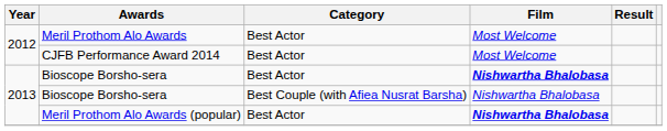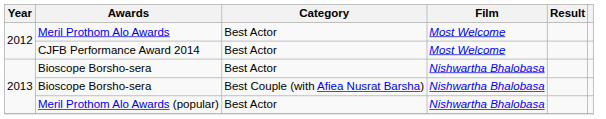 <table class="wikitable sortable">
 <tr>
 <th>Year</th>
 <th>Awards</th>
 <th>Category</th>
 <th>Film</th>
 <th>Result</th>
 <th class="unsortable"></th>
 </tr>
 <tr>
 <td rowspan="2">2012</td>
 <td><a href='#'>Meril Prothom Alo Awards</a></td>
 <td>Best Actor</td>
 <td><em><a href='#'>Most Welcome</a></em></td>
 <td></td>
 <td></td>
 </tr>
 <tr>
 <td>CJFB Performance Award 2014</td>
 <td>Best Actor</td>
 <td><em><a href='#'>Most Welcome</a></em></td>
 <td></td>
 <td></td>
 </tr>
 <tr>
 <td rowspan="3">2013</td>
 <td>Bioscope Borsho-sera</td>
 <td>Best Actor</td>
-<td><strong><em><a href='#'>Nishwartha Bhalobasa</a></em></strong></td>
+<td><em><a href='#'>Nishwartha Bhalobasa</a></em></td>
 <td></td>
 <td></td>
 </tr>
 <tr>
 <td>Bioscope Borsho-sera</td>
 <td>Best Couple (with <a href='#'>Afiea Nusrat Barsha</a>)</td>
 <td><em><a href='#'>Nishwartha Bhalobasa</a></em></td>
 <td></td>
 <td></td>
 </tr>
 <tr>
 <td><a href='#'>Meril Prothom Alo Awards</a> (popular)</td>
 <td>Best Actor</td>
-<td><strong><em><a href='#'>Nishwartha Bhalobasa</a></em></strong></td>
+<td><em><a href='#'>Nishwartha Bhalobasa</a></em></td>
 <td></td>
 <td></td>
 </tr>
 <tr>
 </tr>
 </table>
